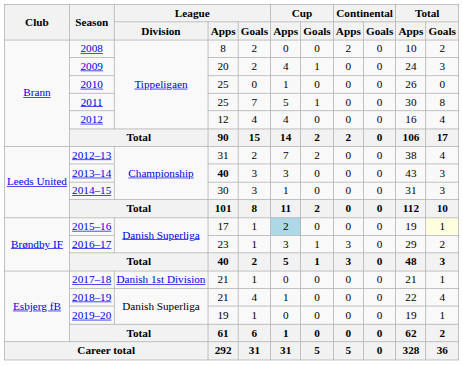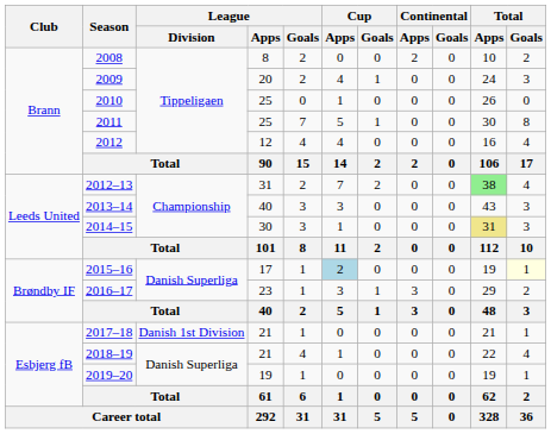 <table class="wikitable" style="text-align:center">
 <tr>
 <th rowspan="2">Club</th>
 <th rowspan="2">Season</th>
 <th colspan="3">League</th>
 <th colspan="2">Cup</th>
 <th colspan="2">Continental</th>
 <th colspan="2">Total</th>
 </tr>
 <tr>
 <th>Division</th>
 <th>Apps</th>
 <th>Goals</th>
 <th>Apps</th>
 <th>Goals</th>
 <th>Apps</th>
 <th>Goals</th>
 <th>Apps</th>
 <th>Goals</th>
 </tr>
 <tr>
 <td rowspan="6"><a href='#'>Brann</a></td>
 <td><a href='#'>2008</a></td>
 <td rowspan="5"><a href='#'>Tippeligaen</a></td>
 <td>8</td>
 <td>2</td>
 <td>0</td>
 <td>0</td>
 <td>2</td>
 <td>0</td>
 <td>10</td>
 <td>2</td>
 </tr>
 <tr>
 <td><a href='#'>2009</a></td>
 <td>20</td>
 <td>2</td>
 <td>4</td>
 <td>1</td>
 <td>0</td>
 <td>0</td>
 <td>24</td>
 <td>3</td>
 </tr>
 <tr>
 <td><a href='#'>2010</a></td>
 <td>25</td>
 <td>0</td>
 <td>1</td>
 <td>0</td>
 <td>0</td>
 <td>0</td>
 <td>26</td>
 <td>0</td>
 </tr>
 <tr>
 <td><a href='#'>2011</a></td>
 <td>25</td>
 <td>7</td>
 <td>5</td>
 <td>1</td>
 <td>0</td>
 <td>0</td>
 <td>30</td>
 <td>8</td>
 </tr>
 <tr>
 <td><a href='#'>2012</a></td>
 <td>12</td>
 <td>4</td>
 <td>4</td>
 <td>0</td>
 <td>0</td>
 <td>0</td>
 <td>16</td>
 <td>4</td>
 </tr>
 <tr>
 <th colspan="2">Total</th>
 <th>90</th>
 <th>15</th>
 <th>14</th>
 <th>2</th>
 <th>2</th>
 <th>0</th>
 <th>106</th>
 <th>17</th>
 </tr>
 <tr>
 <td rowspan="4"><a href='#'>Leeds United</a></td>
 <td><a href='#'>2012–13</a></td>
 <td rowspan="3"><a href='#'>Championship</a></td>
 <td>31</td>
 <td>2</td>
 <td>7</td>
 <td>2</td>
 <td>0</td>
 <td>0</td>
-<td>38</td>
+<td style="background: lightgreen;">38</td>
 <td>4</td>
 </tr>
 <tr>
 <td><a href='#'>2013–14</a></td>
-<td><strong>40</strong></td>
+<td>40</td>
 <td>3</td>
 <td>3</td>
 <td>0</td>
 <td>0</td>
 <td>0</td>
 <td>43</td>
 <td>3</td>
 </tr>
 <tr>
 <td><a href='#'>2014–15</a></td>
 <td>30</td>
 <td>3</td>
 <td>1</td>
 <td>0</td>
 <td>0</td>
 <td>0</td>
-<td>31</td>
+<td style="background: khaki;">31</td>
 <td>3</td>
 </tr>
 <tr>
 <th colspan="2">Total</th>
 <th>101</th>
 <th>8</th>
 <th>11</th>
 <th>2</th>
 <th>0</th>
 <th>0</th>
 <th>112</th>
 <th>10</th>
 </tr>
 <tr>
 <td rowspan="3"><a href='#'>Brøndby IF</a></td>
 <td><a href='#'>2015–16</a></td>
 <td rowspan="2"><a href='#'>Danish Superliga</a></td>
 <td>17</td>
 <td>1</td>
 <td style="background: lightblue;">2</td>
 <td>0</td>
 <td>0</td>
 <td>0</td>
 <td>19</td>
 <td style="background: lightyellow;">1</td>
 </tr>
 <tr>
 <td><a href='#'>2016–17</a></td>
 <td>23</td>
 <td>1</td>
 <td>3</td>
 <td>1</td>
 <td>3</td>
 <td>0</td>
 <td>29</td>
 <td>2</td>
 </tr>
 <tr>
 <th colspan="2">Total</th>
 <th>40</th>
 <th>2</th>
 <th>5</th>
 <th>1</th>
 <th>3</th>
 <th>0</th>
 <th>48</th>
 <th>3</th>
 </tr>
 <tr>
 <td rowspan="4"><a href='#'>Esbjerg fB</a></td>
 <td><a href='#'>2017–18</a></td>
 <td><a href='#'>Danish 1st Division</a></td>
 <td>21</td>
 <td>1</td>
 <td>0</td>
 <td>0</td>
 <td>0</td>
 <td>0</td>
 <td>21</td>
 <td>1</td>
 </tr>
 <tr>
 <td><a href='#'>2018–19</a></td>
 <td rowspan="2">Danish Superliga</td>
 <td>21</td>
 <td>4</td>
 <td>1</td>
 <td>0</td>
 <td>0</td>
 <td>0</td>
 <td>22</td>
 <td>4</td>
 </tr>
 <tr>
 <td><a href='#'>2019–20</a></td>
 <td>19</td>
 <td>1</td>
 <td>0</td>
 <td>0</td>
 <td>0</td>
 <td>0</td>
 <td>19</td>
 <td>1</td>
 </tr>
 <tr>
 <th colspan="2">Total</th>
 <th>61</th>
 <th>6</th>
 <th>1</th>
 <th>0</th>
 <th>0</th>
 <th>0</th>
 <th>62</th>
 <th>2</th>
 </tr>
 <tr>
 <th colspan="3">Career total</th>
 <th>292</th>
 <th>31</th>
 <th>31</th>
 <th>5</th>
 <th>5</th>
 <th>0</th>
 <th>328</th>
 <th>36</th>
 </tr>
 </table>
